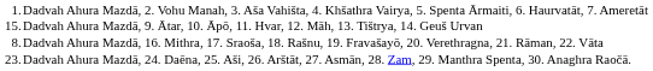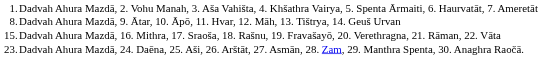 <table cellpadding="0">
 <tr>
 <td style="width:1.5em; text-align:right; vertical-align:top;">1.</td>
 <td>Dadvah Ahura Mazdā, 2. Vohu Manah, 3. Aša Vahišta, 4. Khšathra Vairya, 5. Spenta Ārmaiti, 6. Haurvatāt, 7. Ameretāt</td>
 </tr>
 <tr>
-<td style="width:1.5em; text-align:right; vertical-align:top;">15.</td>
+<td style="width:1.5em; text-align:right; vertical-align:top;">8.</td>
 <td>Dadvah Ahura Mazdā, 9. Ātar, 10. Āpō, 11. Hvar, 12. Māh, 13. Tištrya, 14. Geuš Urvan</td>
 </tr>
 <tr>
-<td style="width:1.5em; text-align:right; vertical-align:top;">8.</td>
+<td style="width:1.5em; text-align:right; vertical-align:top;">15.</td>
 <td>Dadvah Ahura Mazdā, 16. Mithra, 17. Sraoša, 18. Rašnu, 19. Fravašayō, 20. Verethragna, 21. Rāman, 22. Vāta</td>
 </tr>
 <tr>
 <td style="width:1.5em; text-align:right; vertical-align:top;">23.</td>
 <td>Dadvah Ahura Mazdā, 24. Daēna, 25. Aši, 26. Arštāt, 27. Asmān, 28. <a href='#'>Zam</a>, 29. Manthra Spenta, 30. Anaghra Raočā.</td>
 </tr>
 </table>
